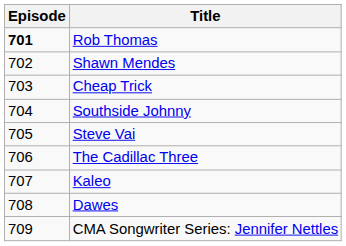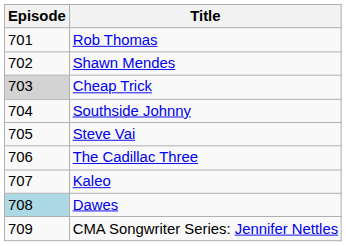 <table class="wikitable">
 <tr>
 <th>Episode</th>
 <th>Title</th>
 </tr>
 <tr>
-<td><strong>701</strong></td>
+<td>701</td>
 <td><a href='#'>Rob Thomas</a></td>
 </tr>
 <tr>
 <td>702</td>
 <td><a href='#'>Shawn Mendes</a></td>
 </tr>
 <tr>
-<td>703</td>
+<td style="background: lightgrey;">703</td>
 <td><a href='#'>Cheap Trick</a></td>
 </tr>
 <tr>
 <td>704</td>
 <td><a href='#'>Southside Johnny</a></td>
 </tr>
 <tr>
 <td>705</td>
 <td><a href='#'>Steve Vai</a></td>
 </tr>
 <tr>
 <td>706</td>
 <td><a href='#'>The Cadillac Three</a></td>
 </tr>
 <tr>
 <td>707</td>
 <td><a href='#'>Kaleo</a></td>
 </tr>
 <tr>
-<td>708</td>
+<td style="background: lightblue;">708</td>
 <td><a href='#'>Dawes</a></td>
 </tr>
 <tr>
 <td>709</td>
 <td>CMA Songwriter Series: <a href='#'>Jennifer Nettles</a></td>
 </tr>
 </table>
